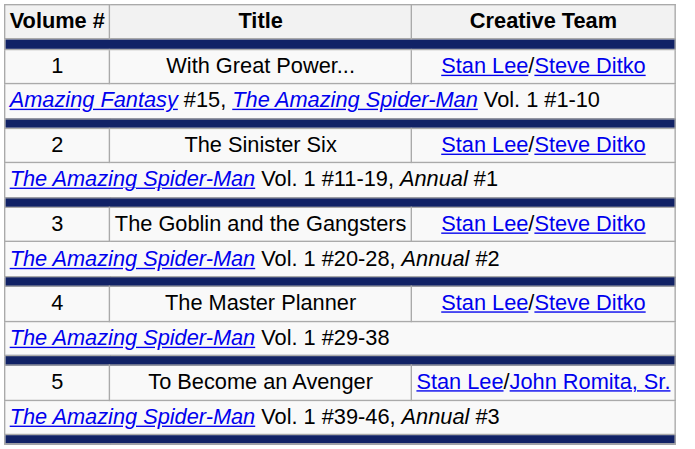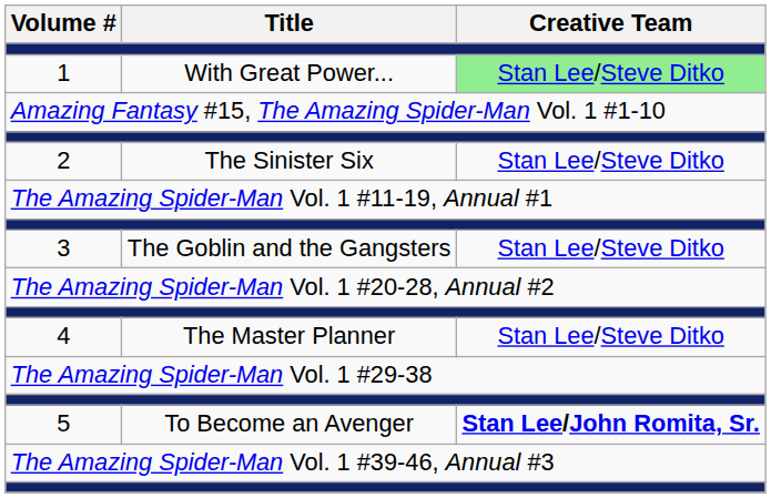 <table class="wikitable">
 <tr>
 <th>Volume #</th>
 <th>Title</th>
 <th>Creative Team</th>
 </tr>
 <tr>
 <td colspan="6" bgcolor="#112266"></td>
 </tr>
 <tr>
 <td align="center">1</td>
 <td align="center">With Great Power...</td>
-<td align="center"><a href='#'>Stan Lee</a>/<a href='#'>Steve Ditko</a></td>
+<td align="center" style="background: lightgreen;"><a href='#'>Stan Lee</a>/<a href='#'>Steve Ditko</a></td>
 </tr>
 <tr>
 <td colspan="6"><em><a href='#'>Amazing Fantasy</a></em> #15, <em><a href='#'>The Amazing Spider-Man</a></em> Vol. 1 #1-10</td>
 </tr>
 <tr>
 <td colspan="6" bgcolor="#112266"></td>
 </tr>
 <tr>
 <td align="center">2</td>
 <td align="center">The Sinister Six</td>
 <td align="center"><a href='#'>Stan Lee</a>/<a href='#'>Steve Ditko</a></td>
 </tr>
 <tr>
 <td colspan="6"><em><a href='#'>The Amazing Spider-Man</a></em> Vol. 1 #11-19, <em>Annual</em> #1</td>
 </tr>
 <tr>
 <td colspan="6" bgcolor="#112266"></td>
 </tr>
 <tr>
 <td align="center">3</td>
 <td align="center">The Goblin and the Gangsters</td>
 <td align="center"><a href='#'>Stan Lee</a>/<a href='#'>Steve Ditko</a></td>
 </tr>
 <tr>
 <td colspan="6"><em><a href='#'>The Amazing Spider-Man</a></em> Vol. 1 #20-28, <em>Annual</em> #2</td>
 </tr>
 <tr>
 <td colspan="6" bgcolor="#112266"></td>
 </tr>
 <tr>
 <td align="center">4</td>
 <td align="center">The Master Planner</td>
 <td align="center"><a href='#'>Stan Lee</a>/<a href='#'>Steve Ditko</a></td>
 </tr>
 <tr>
 <td colspan="6"><em><a href='#'>The Amazing Spider-Man</a></em> Vol. 1 #29-38</td>
 </tr>
 <tr>
 <td colspan="6" bgcolor="#112266"></td>
 </tr>
 <tr>
 <td align="center">5</td>
 <td align="center">To Become an Avenger</td>
-<td align="center"><a href='#'>Stan Lee</a>/<a href='#'>John Romita, Sr.</a></td>
+<td align="center"><strong><a href='#'>Stan Lee</a>/<a href='#'>John Romita, Sr.</a></strong></td>
 </tr>
 <tr>
 <td colspan="6"><em><a href='#'>The Amazing Spider-Man</a></em> Vol. 1 #39-46, <em>Annual</em> #3</td>
 </tr>
 <tr>
 <td colspan="6" bgcolor="#112266"></td>
 </tr>
 <tr>
 </tr>
 </table>
